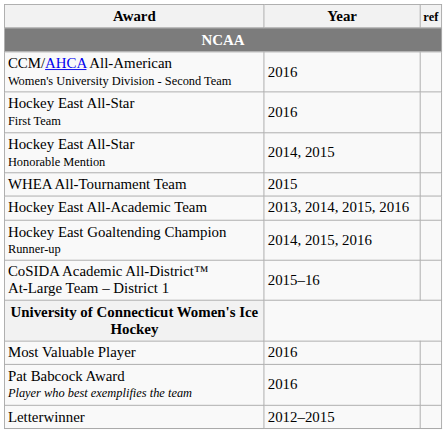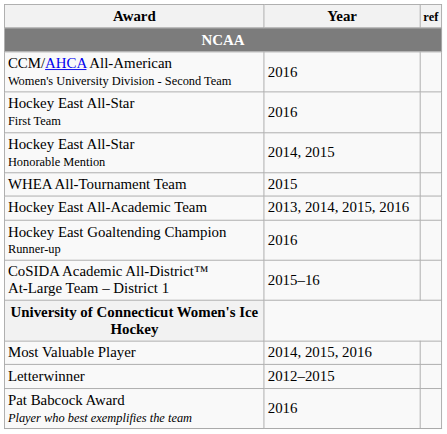 <table class="wikitable">
 <tr>
 <th scope="col" style="width:17em">Award</th>
 <th scope="col" style="width:10em">Year</th>
 <th scope="col" style="width:1em"><small>ref</small></th>
 </tr>
 <tr>
 <td style="text-align:center; color:white; background:#7c7c7c;" colspan="3"><strong>NCAA</strong></td>
 </tr>
 <tr>
 <td>CCM/<a href='#'>AHCA</a> All-American<br><small>Women's University Division - Second Team</small></td>
 <td>2016</td>
 <td></td>
 </tr>
 <tr>
 <td>Hockey East All-Star<br><small>First Team</small></td>
 <td>2016</td>
 <td></td>
 </tr>
 <tr>
 <td>Hockey East All-Star<br><small>Honorable Mention</small></td>
 <td>2014, 2015</td>
 <td><br></td>
 </tr>
 <tr>
 <td>WHEA All-Tournament Team</td>
 <td>2015</td>
 <td></td>
 </tr>
 <tr>
 <td>Hockey East All-Academic Team</td>
 <td>2013, 2014, 2015, 2016</td>
 <td></td>
 </tr>
 <tr>
 <td>Hockey East Goaltending Champion<br><small>Runner-up</small></td>
-<td>2014, 2015, 2016</td>
+<td>2016</td>
 <td></td>
 </tr>
 <tr>
 <td>CoSIDA Academic All-District™<br>At-Large Team – District 1</td>
 <td>2015–16</td>
 <td></td>
 </tr>
 <tr>
 <th>University of Connecticut Women's Ice Hockey</th>
 </tr>
 <tr>
 <td>Most Valuable Player</td>
-<td>2016</td>
+<td>2014, 2015, 2016</td>
+<td></td>
+</tr>
+<tr>
+<td>Letterwinner</td>
+<td>2012–2015</td>
 <td></td>
 </tr>
 <tr>
 <td>Pat Babcock Award<br><small><em>Player who best exemplifies the team</em></small></td>
 <td>2016</td>
 <td></td>
 </tr>
 <tr>
-<td>Letterwinner</td>
-<td>2012–2015</td>
-<td></td>
-</tr>
-<tr>
 </tr>
 </table>
